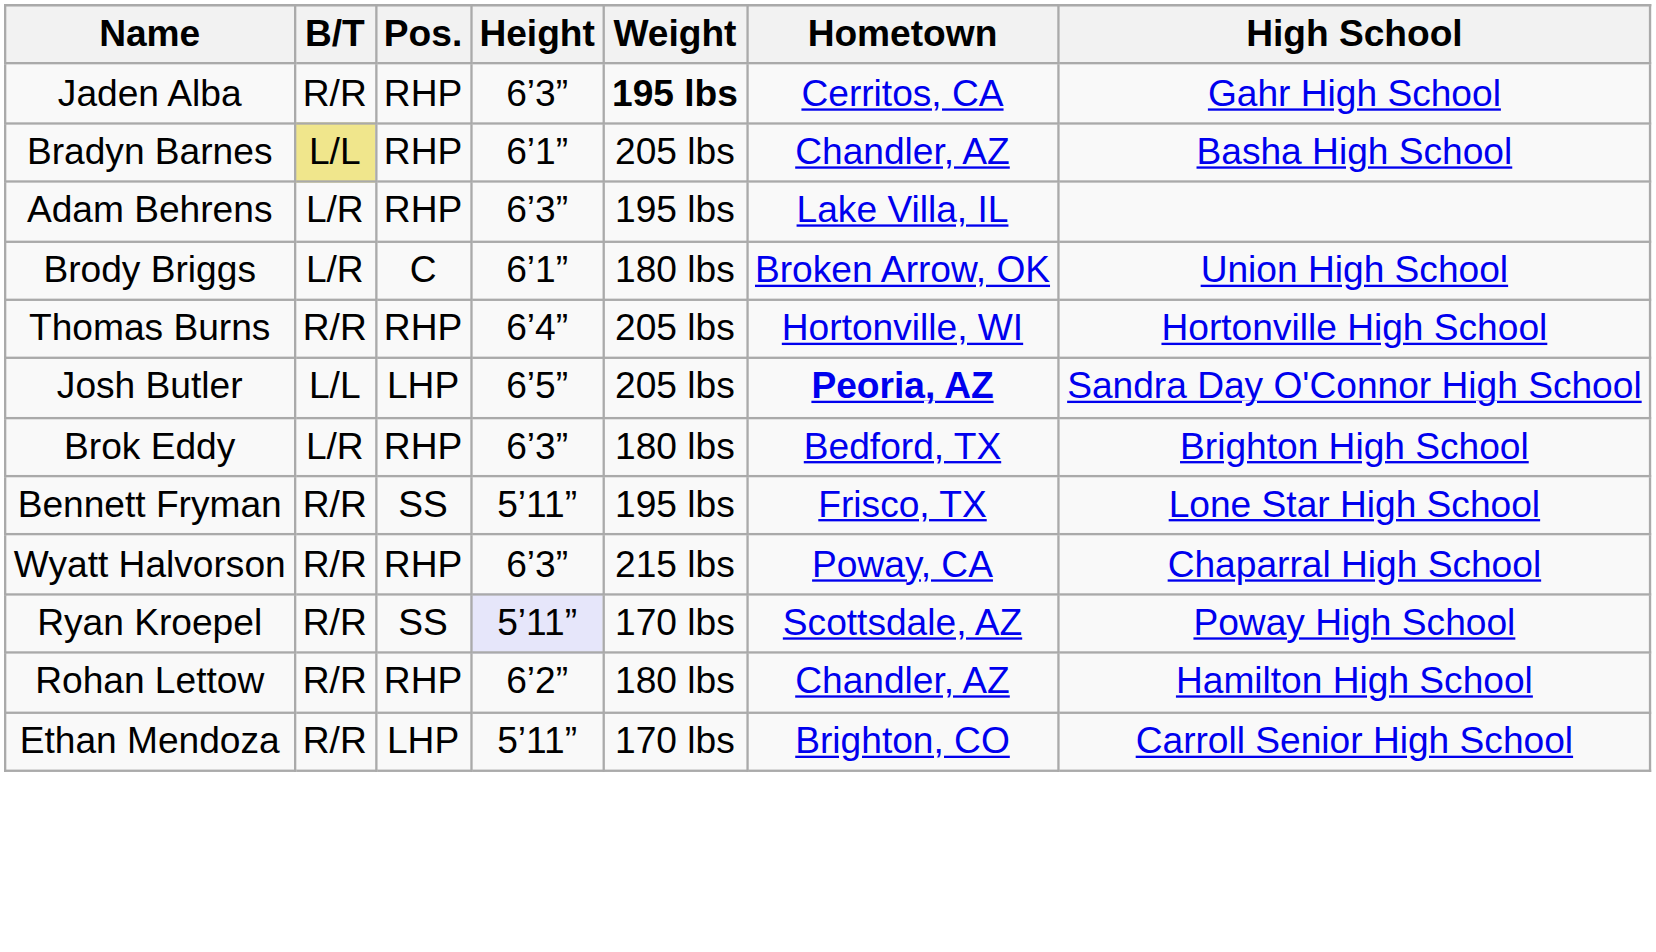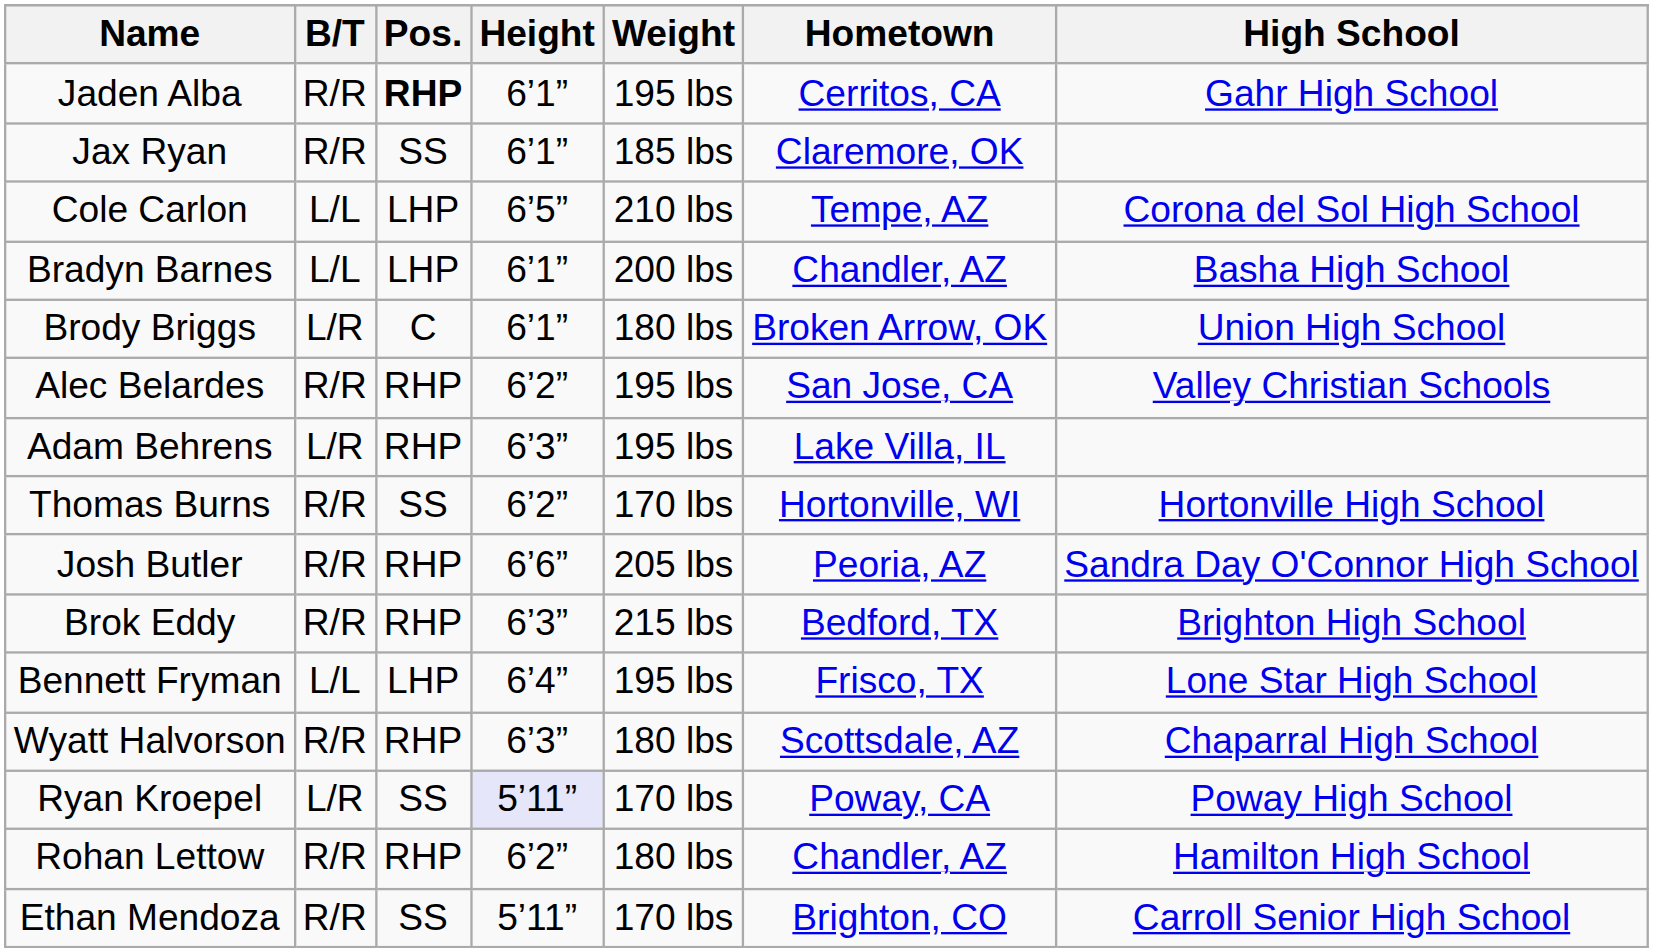 <table class="wikitable sortable">
 <tr>
 </tr>
 <tr>
 <th style="text-align:center; ">Name</th>
 <th style="text-align:center; ">B/T</th>
 <th style="text-align:center; ">Pos.</th>
 <th style="text-align:center; ">Height</th>
 <th style="text-align:center; ">Weight</th>
 <th style="text-align:center; ">Hometown</th>
 <th style="text-align:center; ">High School</th>
 </tr>
 <tr align="center">
 <td>Jaden Alba</td>
 <td>R/R</td>
-<td>RHP</td>
-<td>6’3”</td>
-<td><strong>195 lbs</strong></td>
+<td><strong>RHP</strong></td>
+<td>6’1”</td>
+<td>195 lbs</td>
 <td><a href='#'>Cerritos, CA</a></td>
 <td><a href='#'>Gahr High School</a></td>
 </tr>
 <tr align="center">
+<td>Jax Ryan</td>
+<td>R/R</td>
+<td>SS</td>
+<td>6’1”</td>
+<td>185 lbs</td>
+<td><a href='#'>Claremore, OK</a></td>
+<td></td>
+</tr>
+<tr align="center">
+<td>Cole Carlon</td>
+<td>L/L</td>
+<td>LHP</td>
+<td>6’5”</td>
+<td>210 lbs</td>
+<td><a href='#'>Tempe, AZ</a></td>
+<td><a href='#'>Corona del Sol High School</a></td>
+</tr>
+<tr align="center">
 <td>Bradyn Barnes</td>
-<td style="background: khaki;">L/L</td>
-<td>RHP</td>
+<td>L/L</td>
+<td>LHP</td>
 <td>6’1”</td>
-<td>205 lbs</td>
+<td>200 lbs</td>
 <td><a href='#'>Chandler, AZ</a></td>
 <td><a href='#'>Basha High School</a></td>
+</tr>
+<tr align="center">
+<td>Brody Briggs</td>
+<td>L/R</td>
+<td>C</td>
+<td>6’1”</td>
+<td>180 lbs</td>
+<td><a href='#'>Broken Arrow, OK</a></td>
+<td><a href='#'>Union High School</a></td>
+</tr>
+<tr align="center">
+<td>Alec Belardes</td>
+<td>R/R</td>
+<td>RHP</td>
+<td>6’2”</td>
+<td>195 lbs</td>
+<td><a href='#'>San Jose, CA</a></td>
+<td><a href='#'>Valley Christian Schools</a></td>
 </tr>
 <tr align="center">
 <td>Adam Behrens</td>
 <td>L/R</td>
 <td>RHP</td>
 <td>6’3”</td>
 <td>195 lbs</td>
 <td><a href='#'>Lake Villa, IL</a></td>
 <td></td>
 </tr>
 <tr align="center">
-<td>Brody Briggs</td>
-<td>L/R</td>
-<td>C</td>
-<td>6’1”</td>
-<td>180 lbs</td>
-<td><a href='#'>Broken Arrow, OK</a></td>
-<td><a href='#'>Union High School</a></td>
-</tr>
-<tr align="center">
 <td>Thomas Burns</td>
 <td>R/R</td>
-<td>RHP</td>
-<td>6’4”</td>
-<td>205 lbs</td>
+<td>SS</td>
+<td>6’2”</td>
+<td>170 lbs</td>
 <td><a href='#'>Hortonville, WI</a></td>
 <td><a href='#'>Hortonville High School</a></td>
 </tr>
 <tr align="center">
 <td>Josh Butler</td>
-<td>L/L</td>
-<td>LHP</td>
-<td>6’5”</td>
+<td>R/R</td>
+<td>RHP</td>
+<td>6’6”</td>
 <td>205 lbs</td>
-<td><strong><a href='#'>Peoria, AZ</a></strong></td>
+<td><a href='#'>Peoria, AZ</a></td>
 <td><a href='#'>Sandra Day O'Connor High School</a></td>
 </tr>
 <tr align="center">
 <td>Brok Eddy</td>
-<td>L/R</td>
+<td>R/R</td>
 <td>RHP</td>
 <td>6’3”</td>
-<td>180 lbs</td>
+<td>215 lbs</td>
 <td><a href='#'>Bedford, TX</a></td>
 <td><a href='#'>Brighton High School</a></td>
 </tr>
 <tr align="center">
 <td>Bennett Fryman</td>
-<td>R/R</td>
-<td>SS</td>
-<td>5’11”</td>
+<td>L/L</td>
+<td>LHP</td>
+<td>6’4”</td>
 <td>195 lbs</td>
 <td><a href='#'>Frisco, TX</a></td>
 <td><a href='#'>Lone Star High School</a></td>
 </tr>
 <tr align="center">
 <td>Wyatt Halvorson</td>
 <td>R/R</td>
 <td>RHP</td>
 <td>6’3”</td>
-<td>215 lbs</td>
-<td><a href='#'>Poway, CA</a></td>
+<td>180 lbs</td>
+<td><a href='#'>Scottsdale, AZ</a></td>
 <td><a href='#'>Chaparral High School</a></td>
 </tr>
 <tr align="center">
 <td>Ryan Kroepel</td>
-<td>R/R</td>
+<td>L/R</td>
 <td>SS</td>
 <td style="background: lavender;">5’11”</td>
 <td>170 lbs</td>
-<td><a href='#'>Scottsdale, AZ</a></td>
+<td><a href='#'>Poway, CA</a></td>
 <td><a href='#'>Poway High School</a></td>
 </tr>
 <tr align="center">
 <td>Rohan Lettow</td>
 <td>R/R</td>
 <td>RHP</td>
 <td>6’2”</td>
 <td>180 lbs</td>
 <td><a href='#'>Chandler, AZ</a></td>
 <td><a href='#'>Hamilton High School</a></td>
 </tr>
 <tr align="center">
 <td>Ethan Mendoza</td>
 <td>R/R</td>
-<td>LHP</td>
+<td>SS</td>
 <td>5’11”</td>
 <td>170 lbs</td>
 <td><a href='#'>Brighton, CO</a></td>
 <td><a href='#'>Carroll Senior High School</a></td>
 </tr>
 </table>
